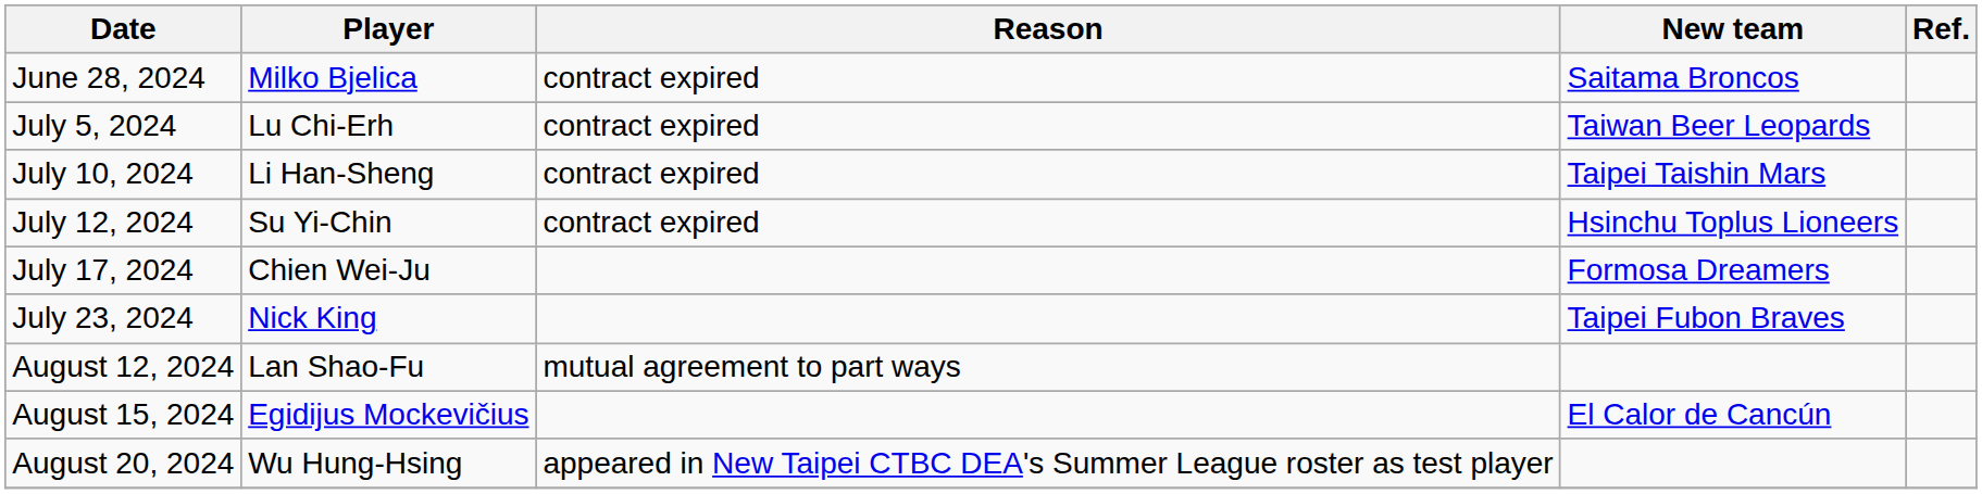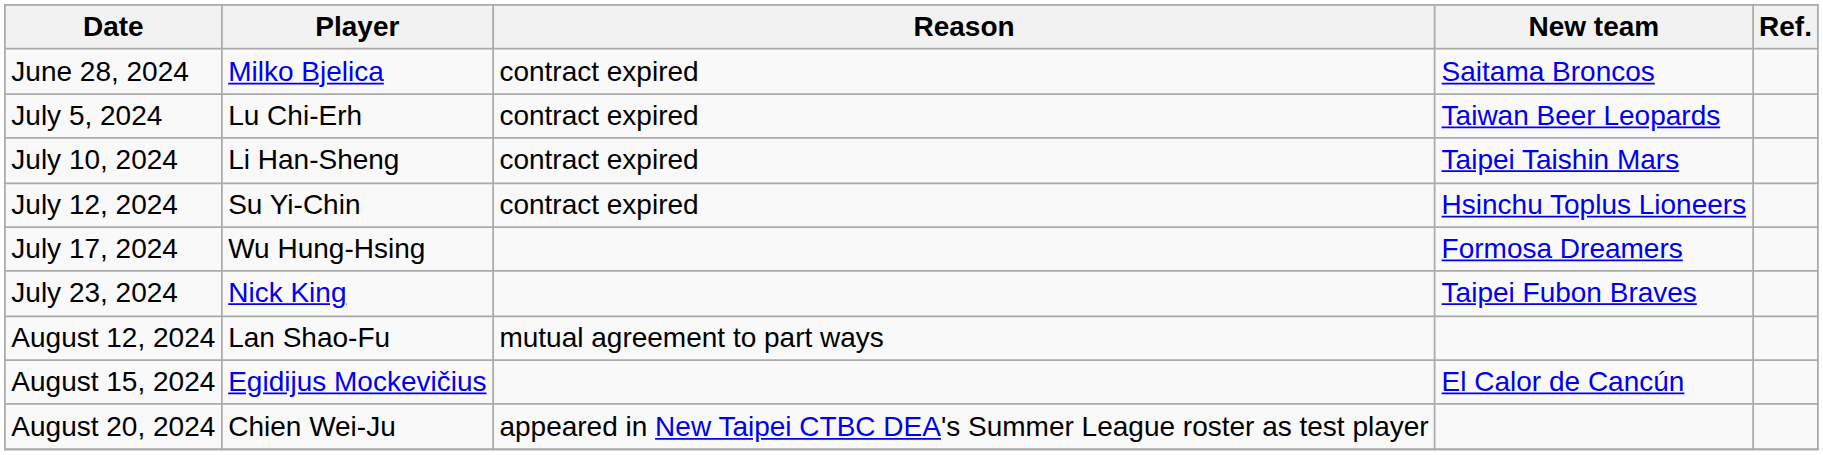 <table class="wikitable">
 <tr>
 <th>Date</th>
 <th>Player</th>
 <th>Reason</th>
 <th>New team</th>
 <th>Ref.</th>
 </tr>
 <tr>
 <td>June 28, 2024</td>
 <td><a href='#'>Milko Bjelica</a></td>
 <td>contract expired</td>
 <td><a href='#'>Saitama Broncos</a></td>
 <td></td>
 </tr>
 <tr>
 <td>July 5, 2024</td>
 <td>Lu Chi-Erh</td>
 <td>contract expired</td>
 <td><a href='#'>Taiwan Beer Leopards</a></td>
 <td></td>
 </tr>
 <tr>
 <td>July 10, 2024</td>
 <td>Li Han-Sheng</td>
 <td>contract expired</td>
 <td><a href='#'>Taipei Taishin Mars</a></td>
 <td></td>
 </tr>
 <tr>
 <td>July 12, 2024</td>
 <td>Su Yi-Chin</td>
 <td>contract expired</td>
 <td><a href='#'>Hsinchu Toplus Lioneers</a></td>
 <td></td>
 </tr>
 <tr>
 <td>July 17, 2024</td>
-<td>Chien Wei-Ju</td>
+<td>Wu Hung-Hsing</td>
 <td></td>
 <td><a href='#'>Formosa Dreamers</a></td>
 <td></td>
 </tr>
 <tr>
 <td>July 23, 2024</td>
 <td><a href='#'>Nick King</a></td>
 <td></td>
 <td><a href='#'>Taipei Fubon Braves</a></td>
 <td></td>
 </tr>
 <tr>
 <td>August 12, 2024</td>
 <td>Lan Shao-Fu</td>
 <td>mutual agreement to part ways</td>
 <td></td>
 <td></td>
 </tr>
 <tr>
 <td>August 15, 2024</td>
 <td><a href='#'>Egidijus Mockevičius</a></td>
 <td></td>
 <td><a href='#'>El Calor de Cancún</a></td>
 <td></td>
 </tr>
 <tr>
 <td>August 20, 2024</td>
-<td>Wu Hung-Hsing</td>
+<td>Chien Wei-Ju</td>
 <td>appeared in <a href='#'>New Taipei CTBC DEA</a>'s Summer League roster as test player</td>
 <td></td>
 <td></td>
 </tr>
 <tr>
 </tr>
 </table>
